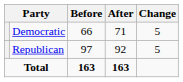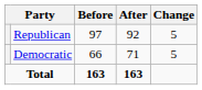 <table class="wikitable" style="text-align:center;">
 <tr>
 <th colspan="2">Party</th>
 <th>Before</th>
 <th>After</th>
 <th>Change</th>
 </tr>
 <tr>
 <th style="background-color:"></th>
-<td style="text-align:left;"><a href='#'>Democratic</a></td>
-<td>66</td>
-<td>71</td>
+<td style="text-align:left;"><a href='#'>Republican</a></td>
+<td>97</td>
+<td>92</td>
 <td> 5</td>
 </tr>
 <tr>
 <th style="background-color:"></th>
-<td style="text-align:left;"><a href='#'>Republican</a></td>
-<td>97</td>
-<td>92</td>
+<td style="text-align:left;"><a href='#'>Democratic</a></td>
+<td>66</td>
+<td>71</td>
 <td> 5</td>
 </tr>
 <tr>
 <td colspan="2"><strong>Total</strong></td>
 <td><strong>163</strong></td>
 <td><strong>163</strong></td>
 <td></td>
 </tr>
 </table>
